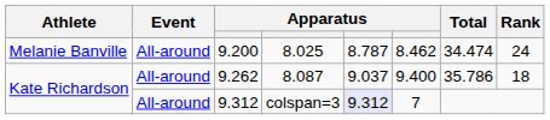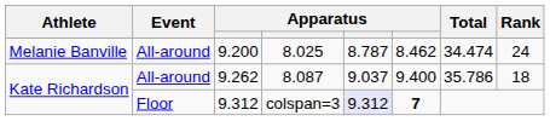 <table class="wikitable" style="font-size:90%">
 <tr>
 <th rowspan=2>Athlete</th>
 <th rowspan=2>Event</th>
 <th colspan =4>Apparatus</th>
 <th rowspan=2>Total</th>
 <th rowspan=2>Rank</th>
 </tr>
 <tr style="font-size:95%">
 <th></th>
 <th></th>
 <th></th>
 <th></th>
 </tr>
 <tr align=center>
 <td align=left><a href='#'>Melanie Banville</a></td>
 <td align=left><a href='#'>All-around</a></td>
 <td>9.200</td>
 <td>8.025</td>
 <td>8.787</td>
 <td>8.462</td>
 <td>34.474</td>
 <td>24</td>
 </tr>
 <tr align=center>
 <td align=left rowspan=2><a href='#'>Kate Richardson</a></td>
 <td align=left><a href='#'>All-around</a></td>
 <td>9.262</td>
 <td>8.087</td>
 <td>9.037</td>
 <td>9.400</td>
 <td>35.786</td>
 <td>18</td>
 </tr>
 <tr align=center>
-<td align=left><a href='#'>All-around</a></td>
+<td align=left><a href='#'>Floor</a></td>
 <td>9.312</td>
 <td>colspan=3 </td>
 <td style="background: lavender;">9.312</td>
-<td>7</td>
+<td><strong>7</strong></td>
 </tr>
 </table>
